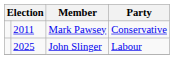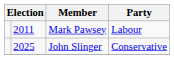 <table class="wikitable">
 <tr>
 <th colspan="2">Election</th>
 <th>Member</th>
 <th>Party</th>
 </tr>
 <tr>
 <td style="color:inherit;background-color: "></td>
 <td><a href='#'>2011</a></td>
 <td><a href='#'>Mark Pawsey</a></td>
-<td><a href='#'>Conservative</a></td>
+<td><a href='#'>Labour</a></td>
 </tr>
 <tr>
 <td style="color:inherit;background-color: "></td>
 <td><a href='#'>2025</a></td>
 <td><a href='#'>John Slinger</a></td>
-<td><a href='#'>Labour</a></td>
+<td><a href='#'>Conservative</a></td>
 </tr>
 <tr>
 </tr>
 </table>
